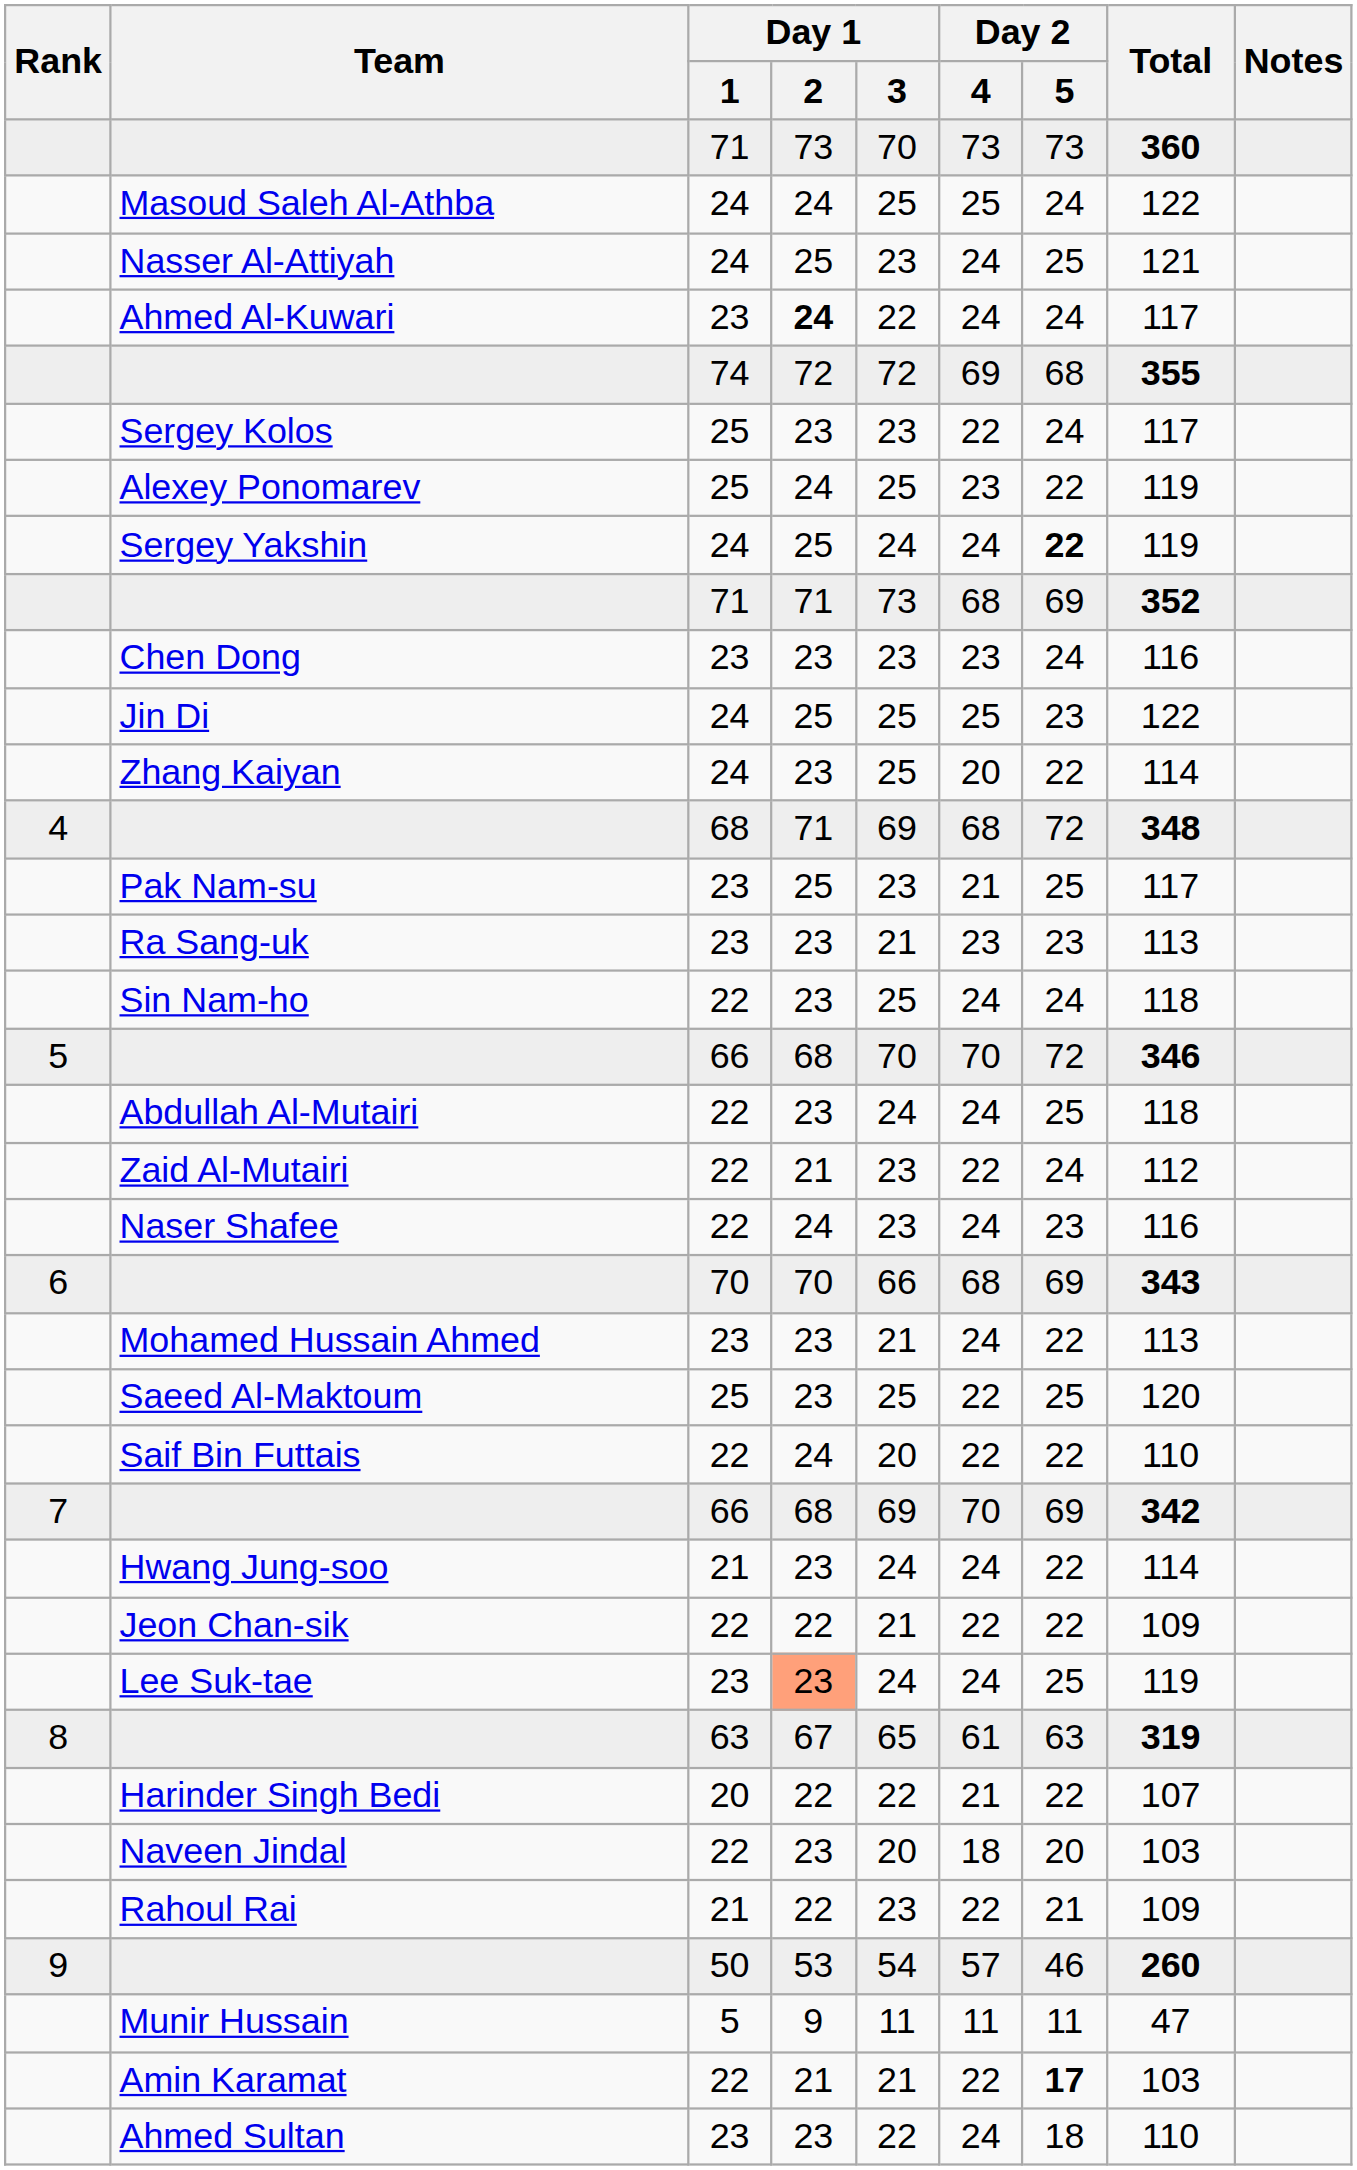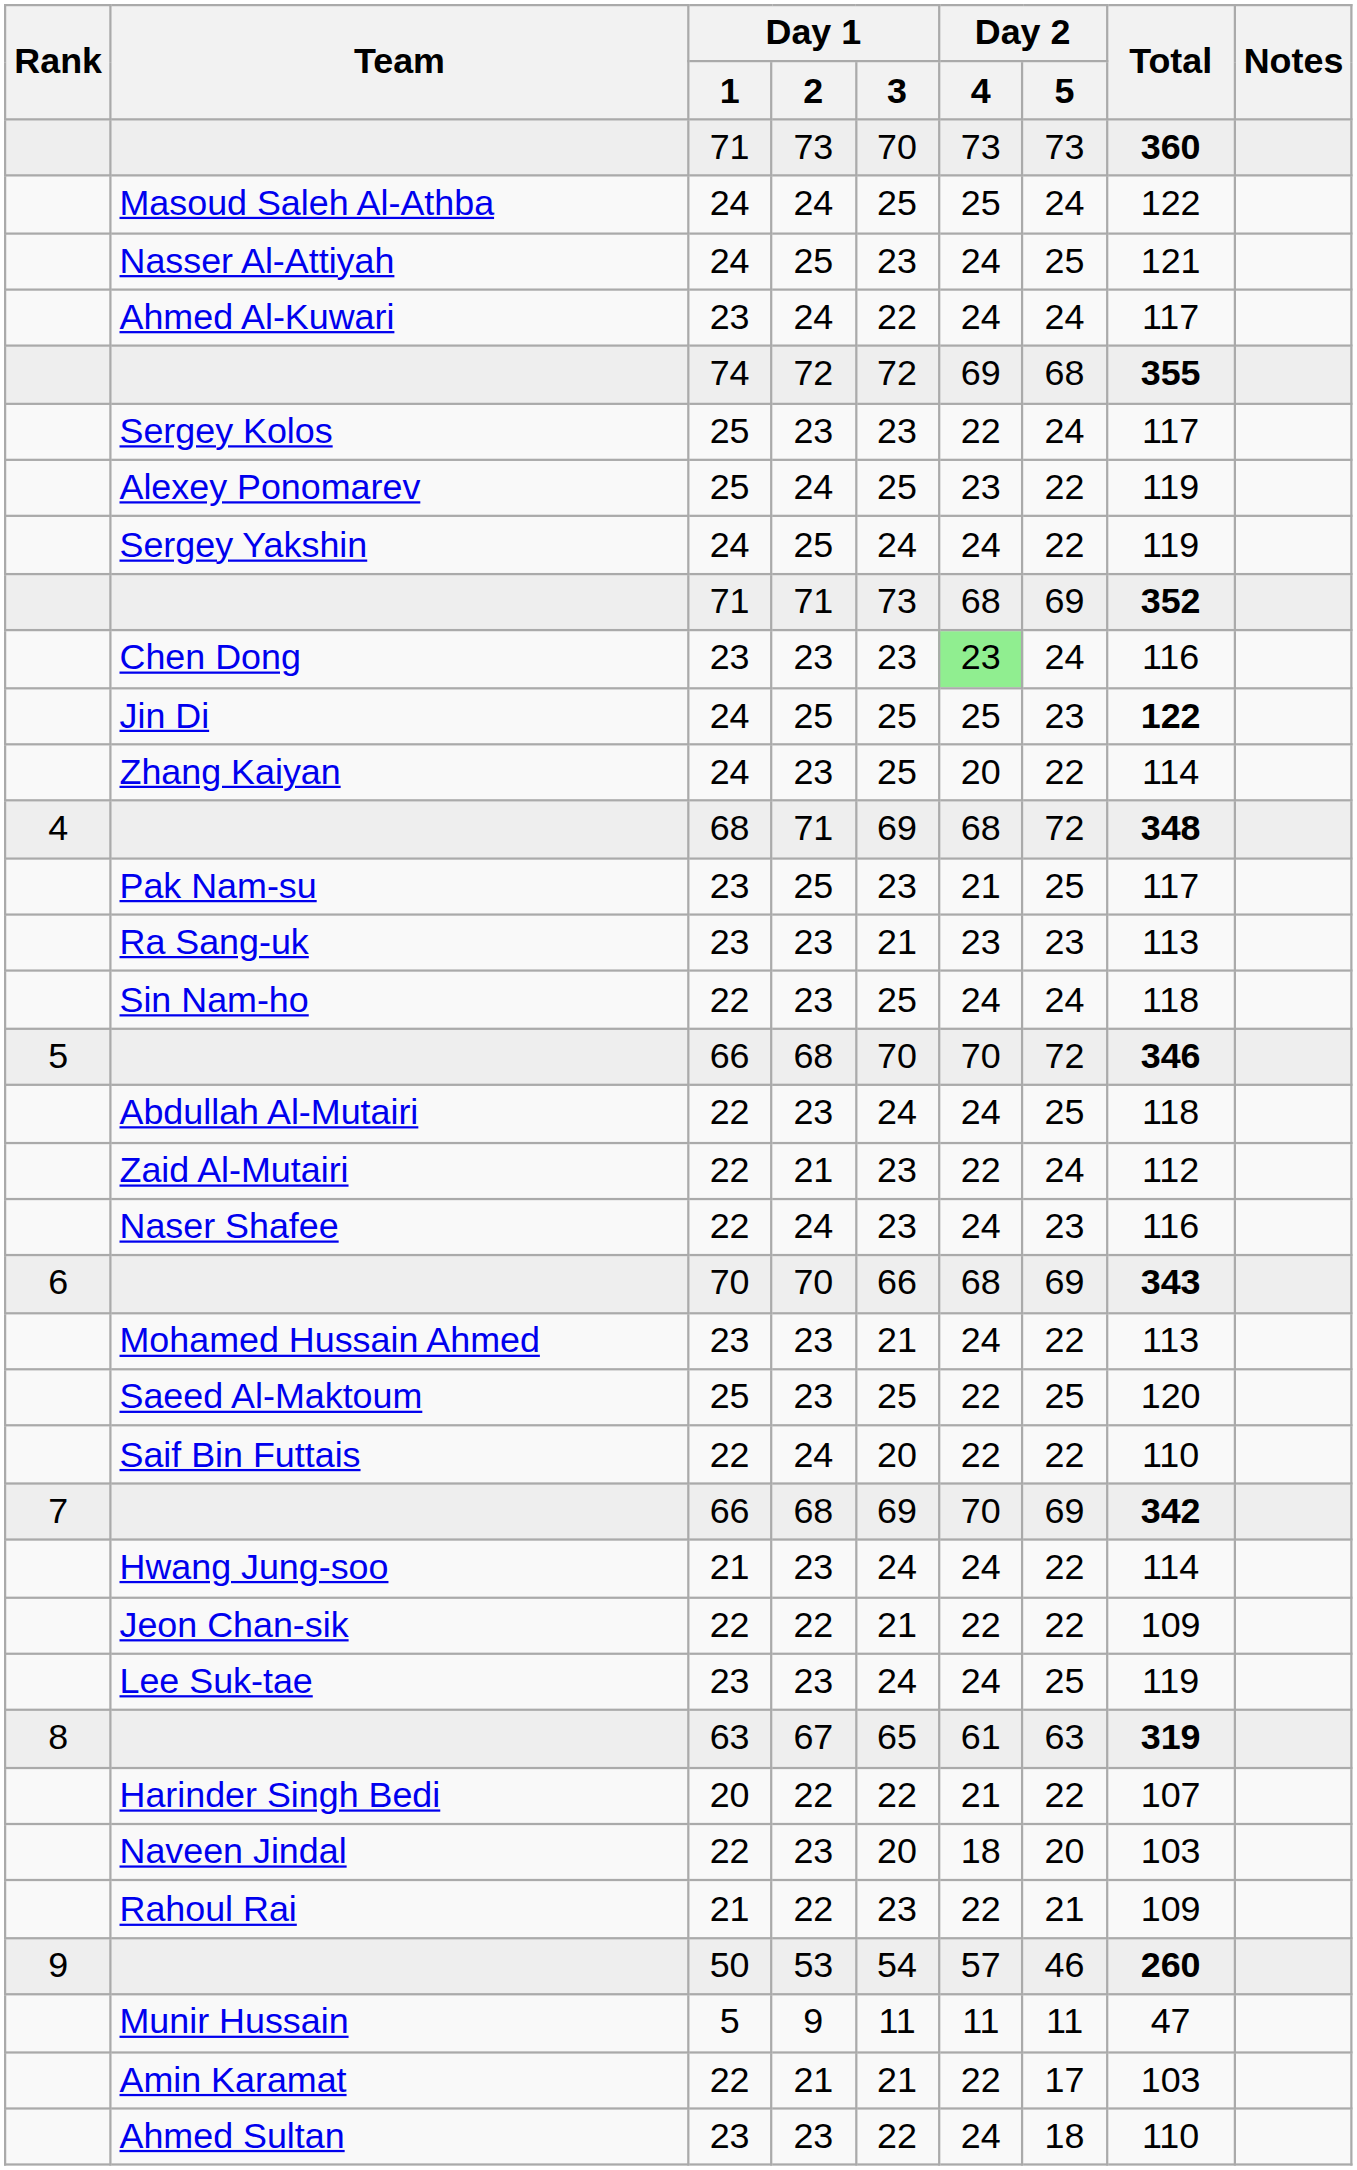 <table class="wikitable" style="text-align:center">
 <tr>
 <th rowspan=2 width=40>Rank</th>
 <th rowspan=2 width=250>Team</th>
 <th colspan=3>Day 1</th>
 <th colspan=2>Day 2</th>
 <th rowspan=2 width=50>Total</th>
 <th rowspan=2 width=45>Notes</th>
 </tr>
 <tr>
 <th width=30>1</th>
 <th width=30>2</th>
 <th width=30>3</th>
 <th width=30>4</th>
 <th width=30>5</th>
 </tr>
 <tr bgcolor=eeeeee>
 <td></td>
 <td align=left></td>
 <td>71</td>
 <td>73</td>
 <td>70</td>
 <td>73</td>
 <td>73</td>
 <td><strong>360</strong></td>
 <td></td>
 </tr>
 <tr>
 <td></td>
 <td align=left><a href='#'>Masoud Saleh Al-Athba</a></td>
 <td>24</td>
 <td>24</td>
 <td>25</td>
 <td>25</td>
 <td>24</td>
 <td>122</td>
 <td></td>
 </tr>
 <tr>
 <td></td>
 <td align=left><a href='#'>Nasser Al-Attiyah</a></td>
 <td>24</td>
 <td>25</td>
 <td>23</td>
 <td>24</td>
 <td>25</td>
 <td>121</td>
 <td></td>
 </tr>
 <tr>
 <td></td>
 <td align=left><a href='#'>Ahmed Al-Kuwari</a></td>
 <td>23</td>
-<td><strong>24</strong></td>
+<td>24</td>
 <td>22</td>
 <td>24</td>
 <td>24</td>
 <td>117</td>
 <td></td>
 </tr>
 <tr bgcolor=eeeeee>
 <td></td>
 <td align=left></td>
 <td>74</td>
 <td>72</td>
 <td>72</td>
 <td>69</td>
 <td>68</td>
 <td><strong>355</strong></td>
 <td></td>
 </tr>
 <tr>
 <td></td>
 <td align=left><a href='#'>Sergey Kolos</a></td>
 <td>25</td>
 <td>23</td>
 <td>23</td>
 <td>22</td>
 <td>24</td>
 <td>117</td>
 <td></td>
 </tr>
 <tr>
 <td></td>
 <td align=left><a href='#'>Alexey Ponomarev</a></td>
 <td>25</td>
 <td>24</td>
 <td>25</td>
 <td>23</td>
 <td>22</td>
 <td>119</td>
 <td></td>
 </tr>
 <tr>
 <td></td>
 <td align=left><a href='#'>Sergey Yakshin</a></td>
 <td>24</td>
 <td>25</td>
 <td>24</td>
 <td>24</td>
-<td><strong>22</strong></td>
+<td>22</td>
 <td>119</td>
 <td></td>
 </tr>
 <tr bgcolor=eeeeee>
 <td></td>
 <td align=left></td>
 <td>71</td>
 <td>71</td>
 <td>73</td>
 <td>68</td>
 <td>69</td>
 <td><strong>352</strong></td>
 <td></td>
 </tr>
 <tr>
 <td></td>
 <td align=left><a href='#'>Chen Dong</a></td>
 <td>23</td>
 <td>23</td>
 <td>23</td>
-<td>23</td>
+<td style="background: lightgreen;">23</td>
 <td>24</td>
 <td>116</td>
 <td></td>
 </tr>
 <tr>
 <td></td>
 <td align=left><a href='#'>Jin Di</a></td>
 <td>24</td>
 <td>25</td>
 <td>25</td>
 <td>25</td>
 <td>23</td>
-<td>122</td>
+<td><strong>122</strong></td>
 <td></td>
 </tr>
 <tr>
 <td></td>
 <td align=left><a href='#'>Zhang Kaiyan</a></td>
 <td>24</td>
 <td>23</td>
 <td>25</td>
 <td>20</td>
 <td>22</td>
 <td>114</td>
 <td></td>
 </tr>
 <tr bgcolor=eeeeee>
 <td>4</td>
 <td align=left></td>
 <td>68</td>
 <td>71</td>
 <td>69</td>
 <td>68</td>
 <td>72</td>
 <td><strong>348</strong></td>
 <td></td>
 </tr>
 <tr>
 <td></td>
 <td align=left><a href='#'>Pak Nam-su</a></td>
 <td>23</td>
 <td>25</td>
 <td>23</td>
 <td>21</td>
 <td>25</td>
 <td>117</td>
 <td></td>
 </tr>
 <tr>
 <td></td>
 <td align=left><a href='#'>Ra Sang-uk</a></td>
 <td>23</td>
 <td>23</td>
 <td>21</td>
 <td>23</td>
 <td>23</td>
 <td>113</td>
 <td></td>
 </tr>
 <tr>
 <td></td>
 <td align=left><a href='#'>Sin Nam-ho</a></td>
 <td>22</td>
 <td>23</td>
 <td>25</td>
 <td>24</td>
 <td>24</td>
 <td>118</td>
 <td></td>
 </tr>
 <tr bgcolor=eeeeee>
 <td>5</td>
 <td align=left></td>
 <td>66</td>
 <td>68</td>
 <td>70</td>
 <td>70</td>
 <td>72</td>
 <td><strong>346</strong></td>
 <td></td>
 </tr>
 <tr>
 <td></td>
 <td align=left><a href='#'>Abdullah Al-Mutairi</a></td>
 <td>22</td>
 <td>23</td>
 <td>24</td>
 <td>24</td>
 <td>25</td>
 <td>118</td>
 <td></td>
 </tr>
 <tr>
 <td></td>
 <td align=left><a href='#'>Zaid Al-Mutairi</a></td>
 <td>22</td>
 <td>21</td>
 <td>23</td>
 <td>22</td>
 <td>24</td>
 <td>112</td>
 <td></td>
 </tr>
 <tr>
 <td></td>
 <td align=left><a href='#'>Naser Shafee</a></td>
 <td>22</td>
 <td>24</td>
 <td>23</td>
 <td>24</td>
 <td>23</td>
 <td>116</td>
 <td></td>
 </tr>
 <tr bgcolor=eeeeee>
 <td>6</td>
 <td align=left></td>
 <td>70</td>
 <td>70</td>
 <td>66</td>
 <td>68</td>
 <td>69</td>
 <td><strong>343</strong></td>
 <td></td>
 </tr>
 <tr>
 <td></td>
 <td align=left><a href='#'>Mohamed Hussain Ahmed</a></td>
 <td>23</td>
 <td>23</td>
 <td>21</td>
 <td>24</td>
 <td>22</td>
 <td>113</td>
 <td></td>
 </tr>
 <tr>
 <td></td>
 <td align=left><a href='#'>Saeed Al-Maktoum</a></td>
 <td>25</td>
 <td>23</td>
 <td>25</td>
 <td>22</td>
 <td>25</td>
 <td>120</td>
 <td></td>
 </tr>
 <tr>
 <td></td>
 <td align=left><a href='#'>Saif Bin Futtais</a></td>
 <td>22</td>
 <td>24</td>
 <td>20</td>
 <td>22</td>
 <td>22</td>
 <td>110</td>
 <td></td>
 </tr>
 <tr bgcolor=eeeeee>
 <td>7</td>
 <td align=left></td>
 <td>66</td>
 <td>68</td>
 <td>69</td>
 <td>70</td>
 <td>69</td>
 <td><strong>342</strong></td>
 <td></td>
 </tr>
 <tr>
 <td></td>
 <td align=left><a href='#'>Hwang Jung-soo</a></td>
 <td>21</td>
 <td>23</td>
 <td>24</td>
 <td>24</td>
 <td>22</td>
 <td>114</td>
 <td></td>
 </tr>
 <tr>
 <td></td>
 <td align=left><a href='#'>Jeon Chan-sik</a></td>
 <td>22</td>
 <td>22</td>
 <td>21</td>
 <td>22</td>
 <td>22</td>
 <td>109</td>
 <td></td>
 </tr>
 <tr>
 <td></td>
 <td align=left><a href='#'>Lee Suk-tae</a></td>
 <td>23</td>
-<td style="background: lightsalmon;">23</td>
+<td>23</td>
 <td>24</td>
 <td>24</td>
 <td>25</td>
 <td>119</td>
 <td></td>
 </tr>
 <tr bgcolor=eeeeee>
 <td>8</td>
 <td align=left></td>
 <td>63</td>
 <td>67</td>
 <td>65</td>
 <td>61</td>
 <td>63</td>
 <td><strong>319</strong></td>
 <td></td>
 </tr>
 <tr>
 <td></td>
 <td align=left><a href='#'>Harinder Singh Bedi</a></td>
 <td>20</td>
 <td>22</td>
 <td>22</td>
 <td>21</td>
 <td>22</td>
 <td>107</td>
 <td></td>
 </tr>
 <tr>
 <td></td>
 <td align=left><a href='#'>Naveen Jindal</a></td>
 <td>22</td>
 <td>23</td>
 <td>20</td>
 <td>18</td>
 <td>20</td>
 <td>103</td>
 <td></td>
 </tr>
 <tr>
 <td></td>
 <td align=left><a href='#'>Rahoul Rai</a></td>
 <td>21</td>
 <td>22</td>
 <td>23</td>
 <td>22</td>
 <td>21</td>
 <td>109</td>
 <td></td>
 </tr>
 <tr bgcolor=eeeeee>
 <td>9</td>
 <td align=left></td>
 <td>50</td>
 <td>53</td>
 <td>54</td>
 <td>57</td>
 <td>46</td>
 <td><strong>260</strong></td>
 <td></td>
 </tr>
 <tr>
 <td></td>
 <td align=left><a href='#'>Munir Hussain</a></td>
 <td>5</td>
 <td>9</td>
 <td>11</td>
 <td>11</td>
 <td>11</td>
 <td>47</td>
 <td></td>
 </tr>
 <tr>
 <td></td>
 <td align=left><a href='#'>Amin Karamat</a></td>
 <td>22</td>
 <td>21</td>
 <td>21</td>
 <td>22</td>
-<td><strong>17</strong></td>
+<td>17</td>
 <td>103</td>
 <td></td>
 </tr>
 <tr>
 <td></td>
 <td align=left><a href='#'>Ahmed Sultan</a></td>
 <td>23</td>
 <td>23</td>
 <td>22</td>
 <td>24</td>
 <td>18</td>
 <td>110</td>
 <td></td>
 </tr>
 </table>
